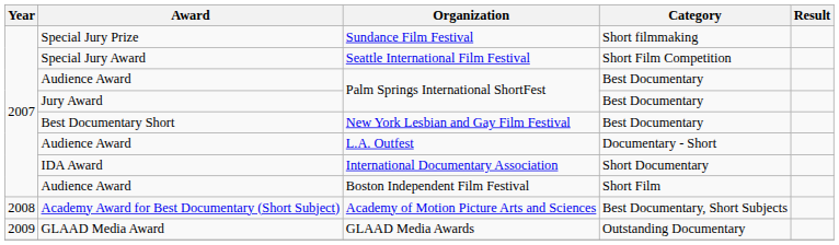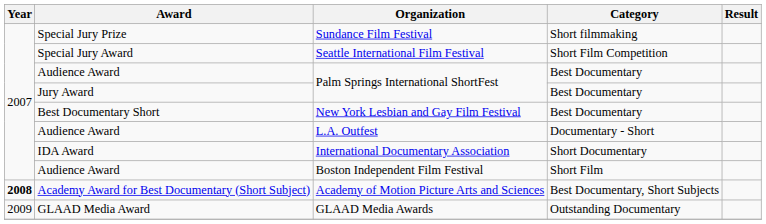 <table class="wikitable">
 <tr>
 <th>Year</th>
 <th>Award</th>
 <th>Organization</th>
 <th>Category</th>
 <th>Result</th>
 </tr>
 <tr>
 <td rowspan="8">2007</td>
 <td>Special Jury Prize</td>
 <td><a href='#'>Sundance Film Festival</a></td>
 <td>Short filmmaking</td>
 <td></td>
 </tr>
 <tr>
 <td>Special Jury Award</td>
 <td><a href='#'>Seattle International Film Festival</a></td>
 <td>Short Film Competition</td>
 <td></td>
 </tr>
 <tr>
 <td>Audience Award</td>
 <td rowspan="2">Palm Springs International ShortFest</td>
 <td>Best Documentary</td>
 <td></td>
 </tr>
 <tr>
 <td>Jury Award</td>
 <td>Best Documentary</td>
 <td></td>
 </tr>
 <tr>
 <td>Best Documentary Short</td>
 <td><a href='#'>New York Lesbian and Gay Film Festival</a></td>
 <td>Best Documentary</td>
 <td></td>
 </tr>
 <tr>
 <td>Audience Award</td>
 <td><a href='#'>L.A. Outfest</a></td>
 <td>Documentary - Short</td>
 <td></td>
 </tr>
 <tr>
 <td>IDA Award</td>
 <td><a href='#'>International Documentary Association</a></td>
 <td>Short Documentary</td>
 <td></td>
 </tr>
 <tr>
 <td>Audience Award</td>
 <td>Boston Independent Film Festival</td>
 <td>Short Film</td>
 <td></td>
 </tr>
 <tr>
-<td>2008</td>
+<td><strong>2008</strong></td>
 <td><a href='#'>Academy Award for Best Documentary (Short Subject)</a></td>
 <td><a href='#'>Academy of Motion Picture Arts and Sciences</a></td>
 <td>Best Documentary, Short Subjects</td>
 <td></td>
 </tr>
 <tr>
 <td>2009</td>
 <td>GLAAD Media Award</td>
 <td>GLAAD Media Awards</td>
 <td>Outstanding Documentary</td>
 <td></td>
 </tr>
 <tr>
 </tr>
 </table>
